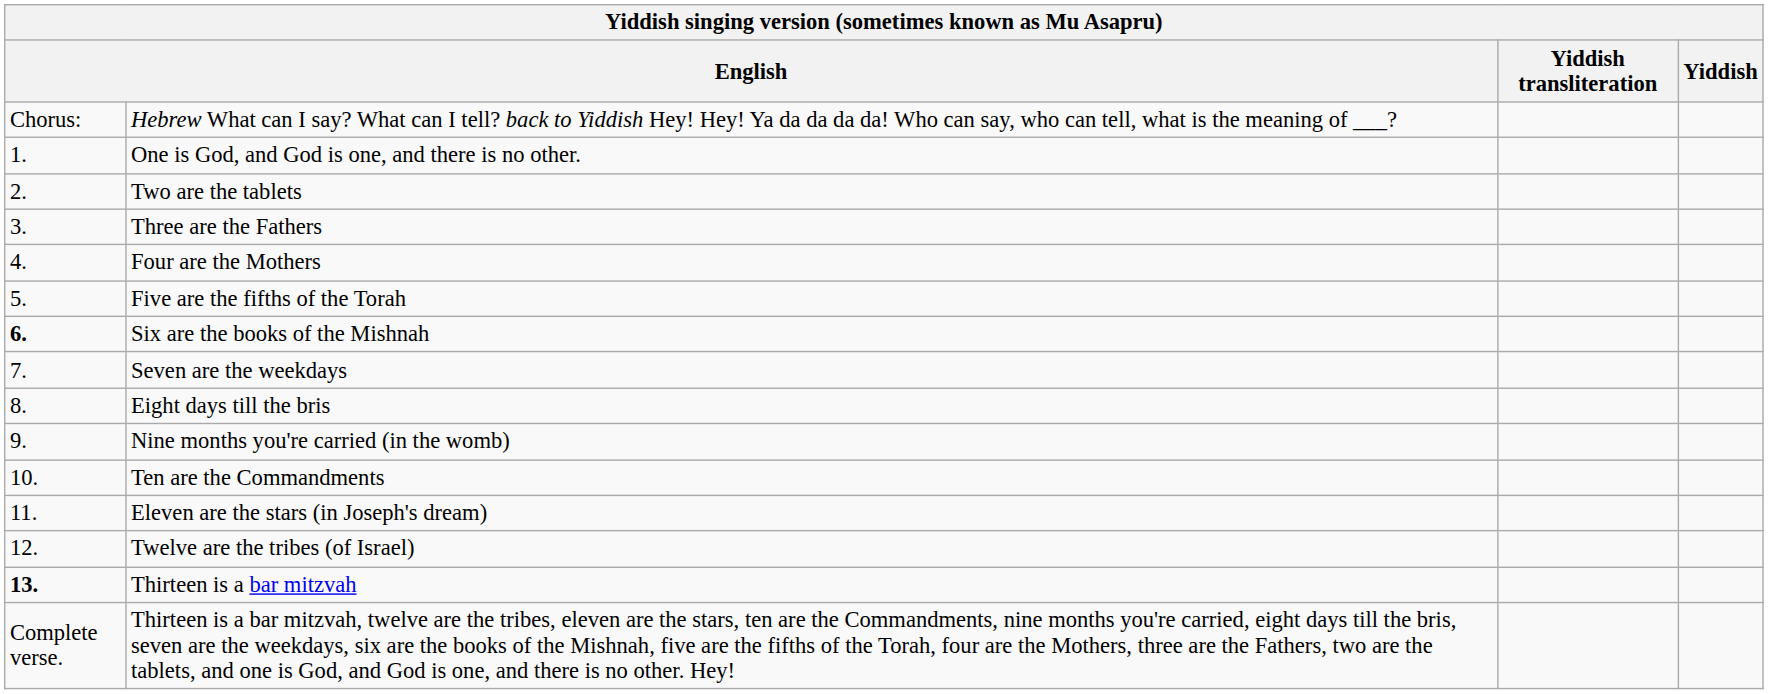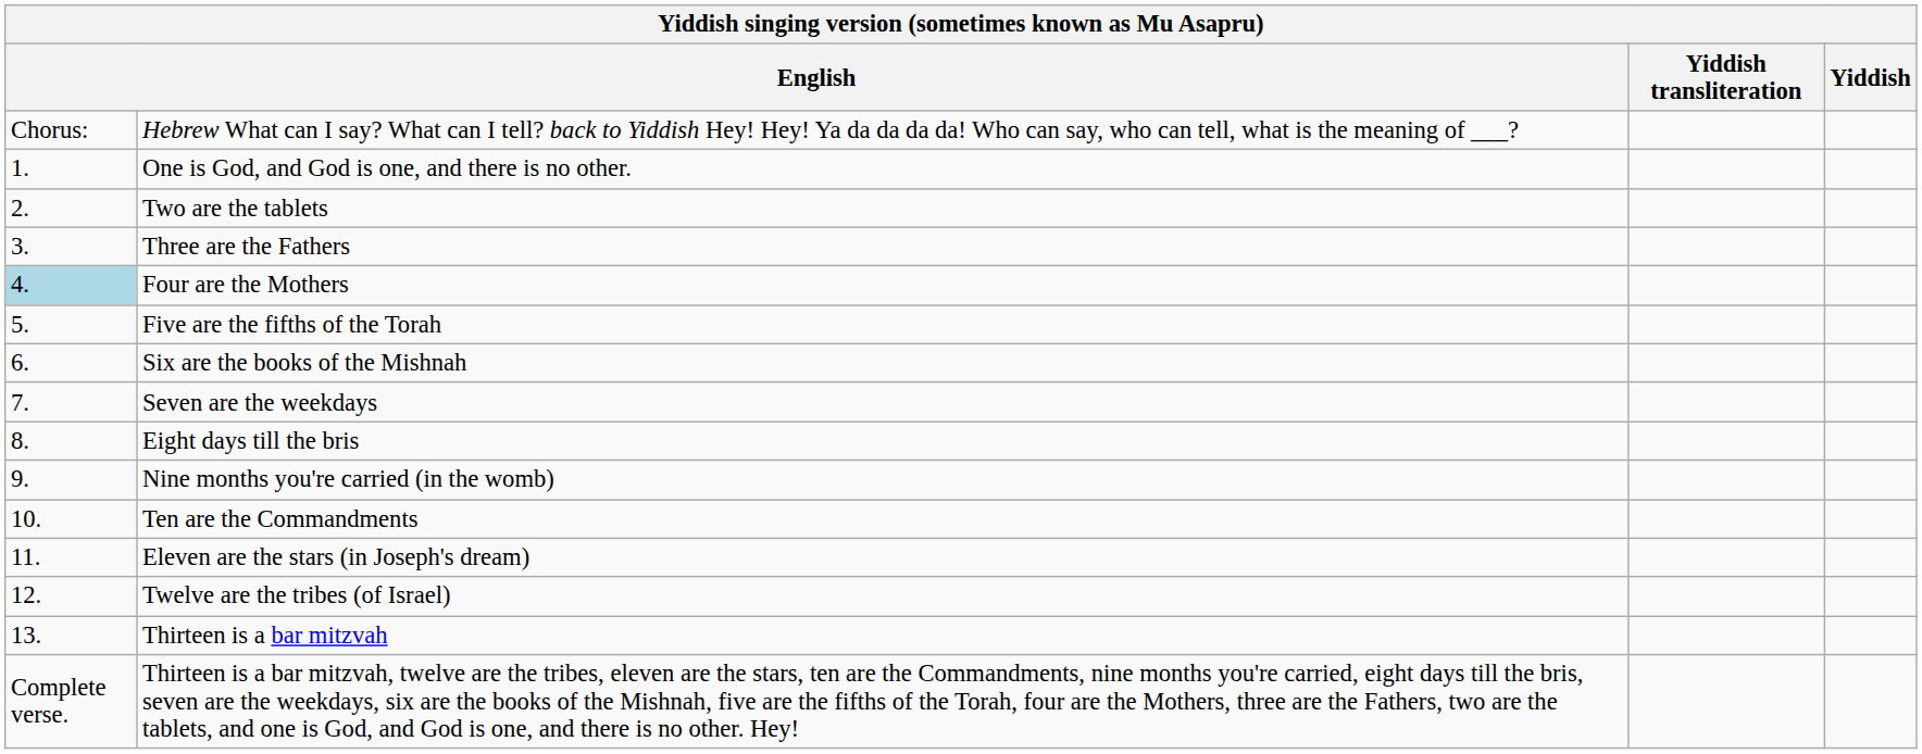 <table class="wikitable">
 <tr>
 <th ! colspan=4><strong>Yiddish singing version (sometimes known as Mu Asapru)</strong></th>
 </tr>
 <tr>
 <th ! colspan=2>English</th>
 <th ! colspan=1>Yiddish transliteration</th>
 <th ! colspan=1>Yiddish</th>
 </tr>
 <tr>
 <td>Chorus:</td>
 <td><em>Hebrew</em> What can I say? What can I tell? <em>back to Yiddish</em> Hey! Hey! Ya da da da da! Who can say, who can tell, what is the meaning of ___?</td>
 <td></td>
 <td style="text-align:right;"></td>
 </tr>
 <tr>
 <td>1.</td>
 <td>One is God, and God is one, and there is no other.</td>
 <td></td>
 <td style="text-align:right;"></td>
 </tr>
 <tr>
 <td>2.</td>
 <td>Two are the tablets</td>
 <td></td>
 <td style="text-align:right;"></td>
 </tr>
 <tr>
 <td>3.</td>
 <td>Three are the Fathers</td>
 <td></td>
 <td style="text-align:right;"></td>
 </tr>
 <tr>
-<td>4.</td>
+<td style="background: lightblue;">4.</td>
 <td>Four are the Mothers</td>
 <td></td>
 <td style="text-align:right;"></td>
 </tr>
 <tr>
 <td>5.</td>
 <td>Five are the fifths of the Torah</td>
 <td></td>
 <td style="text-align:right;"></td>
 </tr>
 <tr>
-<td><strong>6.</strong></td>
+<td>6.</td>
 <td>Six are the books of the Mishnah</td>
 <td></td>
 <td style="text-align:right;"></td>
 </tr>
 <tr>
 <td>7.</td>
 <td>Seven are the weekdays</td>
 <td></td>
 <td style="text-align:right;"></td>
 </tr>
 <tr>
 <td>8.</td>
 <td>Eight days till the bris</td>
 <td></td>
 <td style="text-align:right;"></td>
 </tr>
 <tr>
 <td>9.</td>
 <td>Nine months you're carried (in the womb)</td>
 <td></td>
 <td style="text-align:right;"></td>
 </tr>
 <tr>
 <td>10.</td>
 <td>Ten are the Commandments</td>
 <td></td>
 <td style="text-align:right;"></td>
 </tr>
 <tr>
 <td>11.</td>
 <td>Eleven are the stars (in Joseph's dream)</td>
 <td></td>
 <td style="text-align:right;"></td>
 </tr>
 <tr>
 <td>12.</td>
 <td>Twelve are the tribes (of Israel)</td>
 <td></td>
 <td style="text-align:right;"></td>
 </tr>
 <tr>
-<td><strong>13.</strong></td>
+<td>13.</td>
 <td>Thirteen is a <a href='#'>bar mitzvah</a></td>
 <td></td>
 <td style="text-align:right;"></td>
 </tr>
 <tr>
 <td>Complete verse.</td>
 <td>Thirteen is a bar mitzvah, twelve are the tribes, eleven are the stars, ten are the Commandments, nine months you're carried, eight days till the bris, seven are the weekdays, six are the books of the Mishnah, five are the fifths of the Torah, four are the Mothers, three are the Fathers, two are the tablets, and one is God, and God is one, and there is no other. Hey!</td>
 <td></td>
 <td style="text-align:right;"></td>
 </tr>
 </table>
